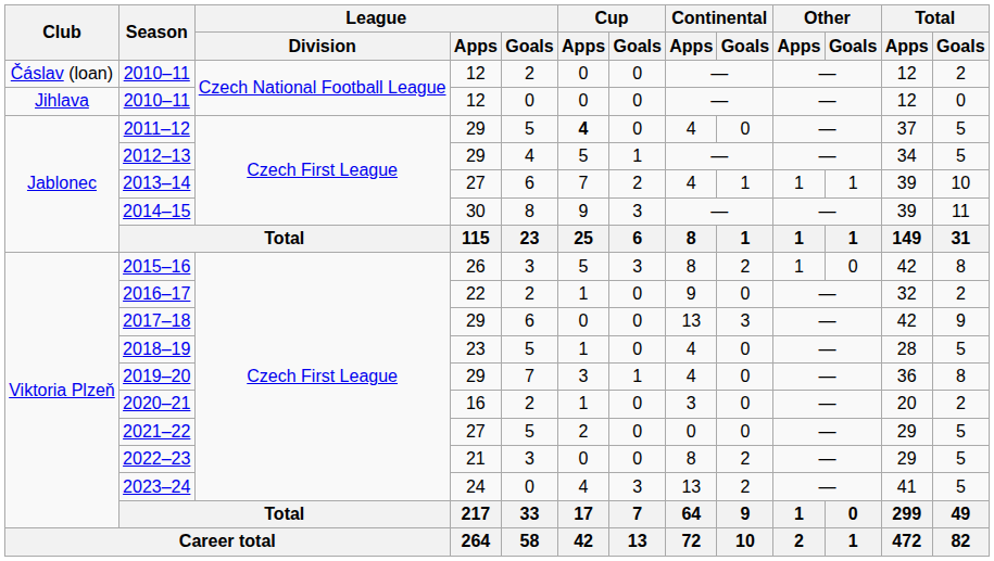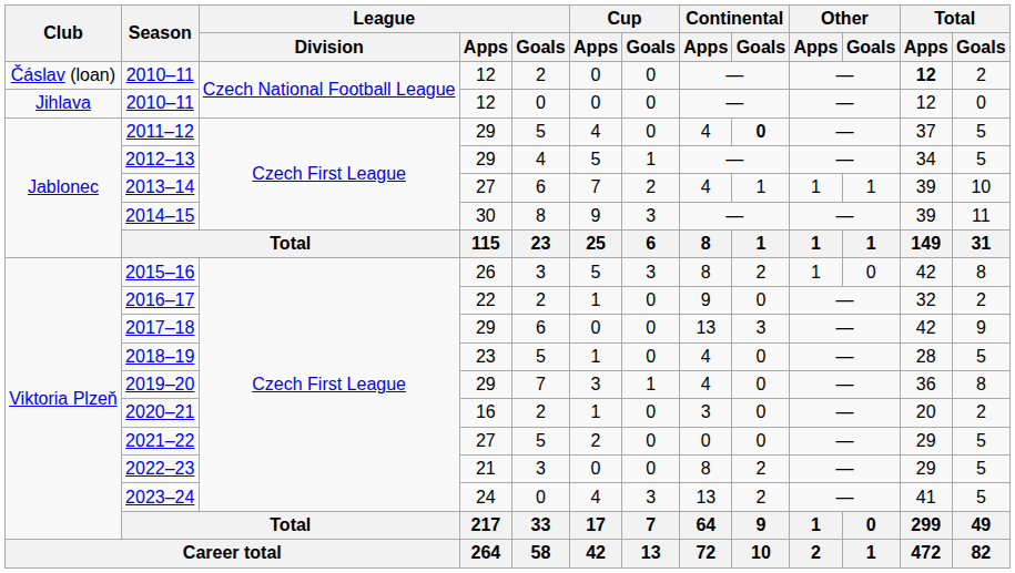 <table class="wikitable" style="text-align:center">
 <tr>
 <th rowspan=2>Club</th>
 <th rowspan=2>Season</th>
 <th colspan=3>League</th>
 <th colspan=2>Cup</th>
 <th colspan=2>Continental</th>
 <th colspan=2>Other</th>
 <th colspan=2>Total</th>
 </tr>
 <tr>
 <th>Division</th>
 <th>Apps</th>
 <th>Goals</th>
 <th>Apps</th>
 <th>Goals</th>
 <th>Apps</th>
 <th>Goals</th>
 <th>Apps</th>
 <th>Goals</th>
 <th>Apps</th>
 <th>Goals</th>
 </tr>
 <tr>
 <td><a href='#'>Čáslav</a> (loan)</td>
 <td><a href='#'>2010–11</a></td>
 <td rowspan="2"><a href='#'>Czech National Football League</a></td>
 <td>12</td>
 <td>2</td>
 <td>0</td>
 <td>0</td>
 <td colspan="2">—</td>
 <td colspan="2">—</td>
-<td>12</td>
+<td><strong>12</strong></td>
 <td>2</td>
 </tr>
 <tr>
 <td><a href='#'>Jihlava</a></td>
 <td><a href='#'>2010–11</a></td>
 <td>12</td>
 <td>0</td>
 <td>0</td>
 <td>0</td>
 <td colspan="2">—</td>
 <td colspan="2">—</td>
 <td>12</td>
 <td>0</td>
 </tr>
 <tr>
 <td rowspan="5"><a href='#'>Jablonec</a></td>
 <td><a href='#'>2011–12</a></td>
 <td rowspan="4"><a href='#'>Czech First League</a></td>
 <td>29</td>
 <td>5</td>
-<td><strong>4</strong></td>
+<td>4</td>
 <td>0</td>
 <td>4</td>
-<td>0</td>
+<td><strong>0</strong></td>
 <td colspan="2">—</td>
 <td>37</td>
 <td>5</td>
 </tr>
 <tr>
 <td><a href='#'>2012–13</a></td>
 <td>29</td>
 <td>4</td>
 <td>5</td>
 <td>1</td>
 <td colspan="2">—</td>
 <td colspan="2">—</td>
 <td>34</td>
 <td>5</td>
 </tr>
 <tr>
 <td><a href='#'>2013–14</a></td>
 <td>27</td>
 <td>6</td>
 <td>7</td>
 <td>2</td>
 <td>4</td>
 <td>1</td>
 <td>1</td>
 <td>1</td>
 <td>39</td>
 <td>10</td>
 </tr>
 <tr>
 <td><a href='#'>2014–15</a></td>
 <td>30</td>
 <td>8</td>
 <td>9</td>
 <td>3</td>
 <td colspan="2">—</td>
 <td colspan="2">—</td>
 <td>39</td>
 <td>11</td>
 </tr>
 <tr>
 <th colspan="2">Total</th>
 <th>115</th>
 <th>23</th>
 <th>25</th>
 <th>6</th>
 <th>8</th>
 <th>1</th>
 <th>1</th>
 <th>1</th>
 <th>149</th>
 <th>31</th>
 </tr>
 <tr>
 <td rowspan="10"><a href='#'>Viktoria Plzeň</a></td>
 <td><a href='#'>2015–16</a></td>
 <td rowspan="9"><a href='#'>Czech First League</a></td>
 <td>26</td>
 <td>3</td>
 <td>5</td>
 <td>3</td>
 <td>8</td>
 <td>2</td>
 <td>1</td>
 <td>0</td>
 <td>42</td>
 <td>8</td>
 </tr>
 <tr>
 <td><a href='#'>2016–17</a></td>
 <td>22</td>
 <td>2</td>
 <td>1</td>
 <td>0</td>
 <td>9</td>
 <td>0</td>
 <td colspan="2">—</td>
 <td>32</td>
 <td>2</td>
 </tr>
 <tr>
 <td><a href='#'>2017–18</a></td>
 <td>29</td>
 <td>6</td>
 <td>0</td>
 <td>0</td>
 <td>13</td>
 <td>3</td>
 <td colspan="2">—</td>
 <td>42</td>
 <td>9</td>
 </tr>
 <tr>
 <td><a href='#'>2018–19</a></td>
 <td>23</td>
 <td>5</td>
 <td>1</td>
 <td>0</td>
 <td>4</td>
 <td>0</td>
 <td colspan="2">—</td>
 <td>28</td>
 <td>5</td>
 </tr>
 <tr>
 <td><a href='#'>2019–20</a></td>
 <td>29</td>
 <td>7</td>
 <td>3</td>
 <td>1</td>
 <td>4</td>
 <td>0</td>
 <td colspan="2">—</td>
 <td>36</td>
 <td>8</td>
 </tr>
 <tr>
 <td><a href='#'>2020–21</a></td>
 <td>16</td>
 <td>2</td>
 <td>1</td>
 <td>0</td>
 <td>3</td>
 <td>0</td>
 <td colspan="2">—</td>
 <td>20</td>
 <td>2</td>
 </tr>
 <tr>
 <td><a href='#'>2021–22</a></td>
 <td>27</td>
 <td>5</td>
 <td>2</td>
 <td>0</td>
 <td>0</td>
 <td>0</td>
 <td colspan="2">—</td>
 <td>29</td>
 <td>5</td>
 </tr>
 <tr>
 <td><a href='#'>2022–23</a></td>
 <td>21</td>
 <td>3</td>
 <td>0</td>
 <td>0</td>
 <td>8</td>
 <td>2</td>
 <td colspan="2">—</td>
 <td>29</td>
 <td>5</td>
 </tr>
 <tr>
 <td><a href='#'>2023–24</a></td>
 <td>24</td>
 <td>0</td>
 <td>4</td>
 <td>3</td>
 <td>13</td>
 <td>2</td>
 <td colspan="2">—</td>
 <td>41</td>
 <td>5</td>
 </tr>
 <tr>
 <th colspan="2">Total</th>
 <th>217</th>
 <th>33</th>
 <th>17</th>
 <th>7</th>
 <th>64</th>
 <th>9</th>
 <th>1</th>
 <th>0</th>
 <th>299</th>
 <th>49</th>
 </tr>
 <tr>
 <th colspan="3">Career total</th>
 <th>264</th>
 <th>58</th>
 <th>42</th>
 <th>13</th>
 <th>72</th>
 <th>10</th>
 <th>2</th>
 <th>1</th>
 <th>472</th>
 <th>82</th>
 </tr>
 </table>
